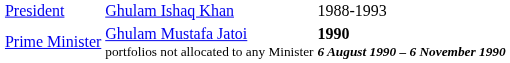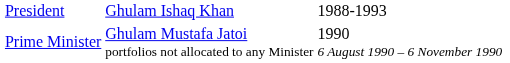 <table class="toccolours" style="margin-bottom: 1em; font-size: 85%;">
 <tr>
 <td><a href='#'><big>President</big></a></td>
 <td><a href='#'><big>Ghulam Ishaq Khan</big></a></td>
 <td><big>1988-1993</big><br><big></big></td>
 </tr>
 <tr>
 <td><big><a href='#'>Prime Minister</a></big></td>
 <td><big><a href='#'>Ghulam Mustafa Jatoi</a></big><br>portfolios not allocated to any Minister</td>
-<td><strong><big>1990</big><br><em>6 August 1990 – 6 November 1990</em></strong></td>
+<td><big>1990</big><br><em>6 August 1990 – 6 November 1990</em></td>
 </tr>
 </table>
